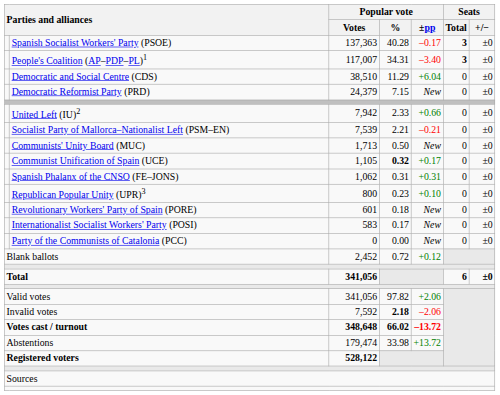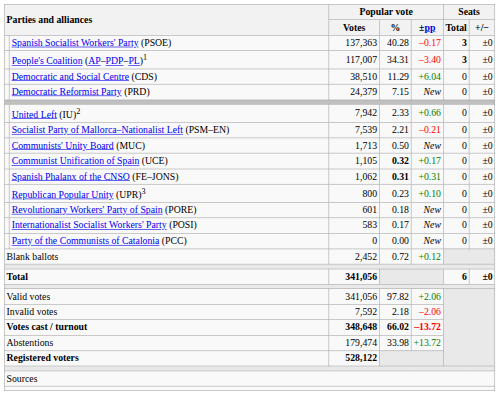 <table class="wikitable" style="text-align:right;">
 <tr>
 <th style="text-align:left;" rowspan="2" colspan="2" width="525">Parties and alliances</th>
 <th colspan="3">Popular vote</th>
 <th colspan="2">Seats</th>
 </tr>
 <tr>
 <th width="75">Votes</th>
 <th width="45">%</th>
 <th width="45">±<a href='#'>pp</a></th>
 <th width="35">Total</th>
 <th width="35">+/−</th>
 </tr>
 <tr>
 <td width="1" style="color:inherit;background:"></td>
 <td align="left"><a href='#'>Spanish Socialist Workers' Party</a> (PSOE)</td>
 <td>137,363</td>
 <td>40.28</td>
 <td style="color:red;">–0.17</td>
 <td><strong>3</strong></td>
 <td>±0</td>
 </tr>
 <tr>
 <td style="color:inherit;background:"></td>
 <td align="left"><a href='#'>People's Coalition</a> (<a href='#'>AP</a>–<a href='#'>PDP</a>–<a href='#'>PL</a>)<sup>1</sup></td>
 <td>117,007</td>
 <td>34.31</td>
 <td style="color:red;">–3.40</td>
 <td><strong>3</strong></td>
 <td>±0</td>
 </tr>
 <tr>
 <td style="color:inherit;background:"></td>
 <td align="left"><a href='#'>Democratic and Social Centre</a> (CDS)</td>
 <td>38,510</td>
 <td>11.29</td>
 <td style="color:green;">+6.04</td>
 <td>0</td>
 <td>±0</td>
 </tr>
 <tr>
 <td style="color:inherit;background:"></td>
 <td align="left"><a href='#'>Democratic Reformist Party</a> (PRD)</td>
 <td>24,379</td>
 <td>7.15</td>
 <td><em>New</em></td>
 <td>0</td>
 <td>±0</td>
 </tr>
 <tr>
 <td colspan="7" bgcolor="#C0C0C0"></td>
 </tr>
 <tr>
 <td style="color:inherit;background:"></td>
 <td align="left"><a href='#'>United Left</a> (IU)<sup>2</sup></td>
 <td>7,942</td>
 <td>2.33</td>
 <td style="color:green;">+0.66</td>
 <td>0</td>
 <td>±0</td>
 </tr>
 <tr>
 <td style="color:inherit;background:"></td>
 <td align="left"><a href='#'>Socialist Party of Mallorca–Nationalist Left</a> (PSM–EN)</td>
 <td>7,539</td>
 <td>2.21</td>
 <td style="color:red;">–0.21</td>
 <td>0</td>
 <td>±0</td>
 </tr>
 <tr>
 <td style="color:inherit;background:"></td>
 <td align="left"><a href='#'>Communists' Unity Board</a> (MUC)</td>
 <td>1,713</td>
 <td>0.50</td>
 <td><em>New</em></td>
 <td>0</td>
 <td>±0</td>
 </tr>
 <tr>
 <td style="color:inherit;background:"></td>
 <td align="left"><a href='#'>Communist Unification of Spain</a> (UCE)</td>
 <td>1,105</td>
 <td><strong>0.32</strong></td>
 <td style="color:green;">+0.17</td>
 <td>0</td>
 <td>±0</td>
 </tr>
 <tr>
 <td style="color:inherit;background:"></td>
 <td align="left"><a href='#'>Spanish Phalanx of the CNSO</a> (FE–JONS)</td>
 <td>1,062</td>
-<td>0.31</td>
+<td><strong>0.31</strong></td>
 <td style="color:green;">+0.31</td>
 <td>0</td>
 <td>±0</td>
 </tr>
 <tr>
 <td style="color:inherit;background:"></td>
 <td align="left"><a href='#'>Republican Popular Unity</a> (UPR)<sup>3</sup></td>
 <td>800</td>
 <td>0.23</td>
 <td style="color:green;">+0.10</td>
 <td>0</td>
 <td>±0</td>
 </tr>
 <tr>
 <td style="color:inherit;background:"></td>
 <td align="left"><a href='#'>Revolutionary Workers' Party of Spain</a> (PORE)</td>
 <td>601</td>
 <td>0.18</td>
 <td><em>New</em></td>
 <td>0</td>
 <td>±0</td>
 </tr>
 <tr>
 <td style="color:inherit;background:"></td>
 <td align="left"><a href='#'>Internationalist Socialist Workers' Party</a> (POSI)</td>
 <td>583</td>
 <td>0.17</td>
 <td><em>New</em></td>
 <td>0</td>
 <td>±0</td>
 </tr>
 <tr>
 <td style="color:inherit;background:"></td>
 <td align="left"><a href='#'>Party of the Communists of Catalonia</a> (PCC)</td>
 <td>0</td>
 <td>0.00</td>
 <td><em>New</em></td>
 <td>0</td>
 <td>±0</td>
 </tr>
 <tr>
 <td align="left" colspan="2">Blank ballots</td>
 <td>2,452</td>
 <td>0.72</td>
 <td style="color:green;">+0.12</td>
 <td bgcolor="#E9E9E9" colspan="2"></td>
 </tr>
 <tr>
 <td colspan="7" bgcolor="#E9E9E9"></td>
 </tr>
 <tr style="font-weight:bold;">
 <td align="left" colspan="2">Total</td>
 <td>341,056</td>
 <td bgcolor="#E9E9E9" colspan="2"></td>
 <td>6</td>
 <td>±0</td>
 </tr>
 <tr>
 <td colspan="7" bgcolor="#E9E9E9"></td>
 </tr>
 <tr>
 <td align="left" colspan="2">Valid votes</td>
 <td>341,056</td>
 <td>97.82</td>
 <td style="color:green;">+2.06</td>
 <td bgcolor="#E9E9E9" colspan="2" rowspan="5"></td>
 </tr>
 <tr>
 <td align="left" colspan="2">Invalid votes</td>
 <td>7,592</td>
-<td><strong>2.18</strong></td>
+<td>2.18</td>
 <td style="color:red;">–2.06</td>
 </tr>
 <tr style="font-weight:bold;">
 <td align="left" colspan="2">Votes cast / turnout</td>
 <td>348,648</td>
 <td>66.02</td>
 <td style="color:red;">–13.72</td>
 </tr>
 <tr>
 <td align="left" colspan="2">Abstentions</td>
 <td>179,474</td>
 <td>33.98</td>
 <td style="color:green;">+13.72</td>
 </tr>
 <tr style="font-weight:bold;">
 <td align="left" colspan="2">Registered voters</td>
 <td>528,122</td>
 <td bgcolor="#E9E9E9" colspan="2"></td>
 </tr>
 <tr>
 <td colspan="7" bgcolor="#E9E9E9"></td>
 </tr>
 <tr>
 <td align="left" colspan="7">Sources</td>
 </tr>
 <tr>
 <td colspan="7" style="text-align:left; max-width:790px;"></td>
 </tr>
 </table>
